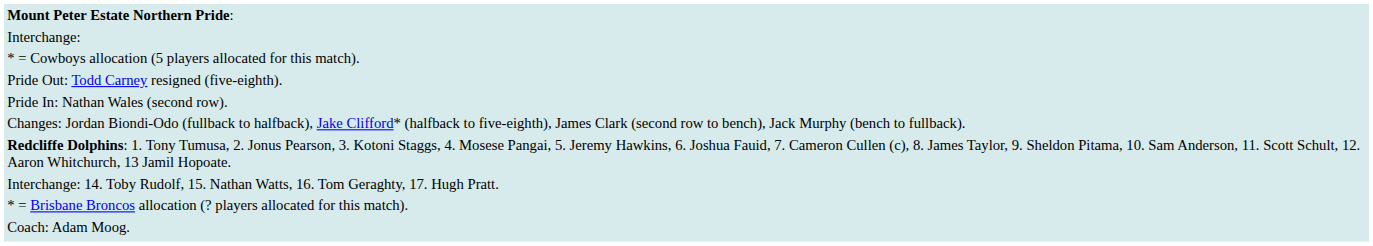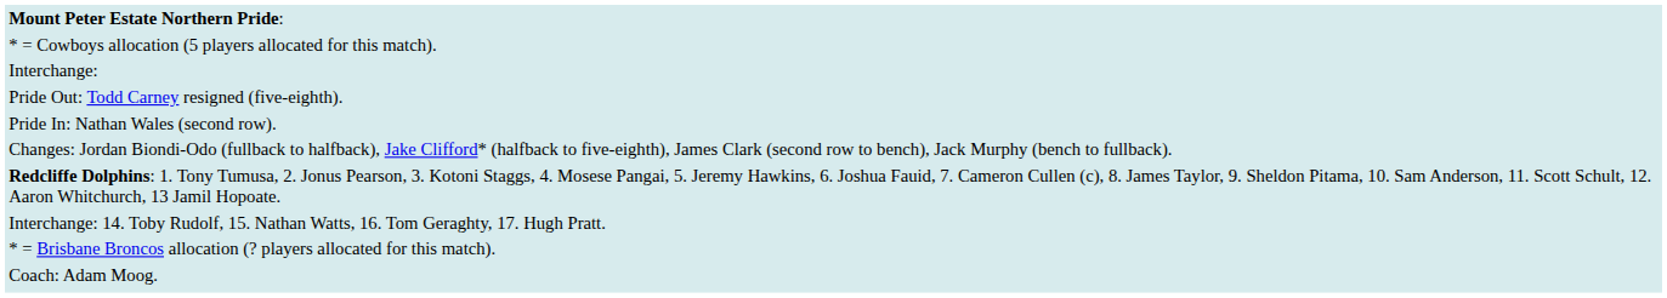 <table style="background:#d7ebed; font-size:85%; width:100%;">
 <tr>
 <td><strong>Mount Peter Estate Northern Pride</strong>:             </td>
 </tr>
 <tr>
-<td>Interchange:    </td>
+<td>* = Cowboys allocation (5 players allocated for this match).</td>
 </tr>
 <tr>
-<td>* = Cowboys allocation (5 players allocated for this match).</td>
+<td>Interchange:    </td>
 </tr>
 <tr>
 <td>Pride Out: <a href='#'>Todd Carney</a> resigned (five-eighth).</td>
 </tr>
 <tr>
 <td>Pride In: Nathan Wales (second row).</td>
 </tr>
 <tr>
 <td>Changes: Jordan Biondi-Odo (fullback to halfback), <a href='#'>Jake Clifford</a>* (halfback to five-eighth), James Clark (second row to bench), Jack Murphy (bench to fullback).</td>
 </tr>
 <tr>
 <td><strong>Redcliffe Dolphins</strong>: 1. Tony Tumusa, 2. Jonus Pearson, 3. Kotoni Staggs, 4. Mosese Pangai, 5. Jeremy Hawkins, 6. Joshua Fauid, 7. Cameron Cullen (c), 8. James Taylor, 9. Sheldon Pitama, 10. Sam Anderson, 11. Scott Schult, 12. Aaron Whitchurch, 13 Jamil Hopoate.</td>
 </tr>
 <tr>
 <td>Interchange: 14. Toby Rudolf, 15. Nathan Watts, 16. Tom Geraghty, 17. Hugh Pratt.</td>
 </tr>
 <tr>
 <td>* = <a href='#'>Brisbane Broncos</a> allocation (? players allocated for this match).</td>
 </tr>
 <tr>
 <td>Coach: Adam Moog.</td>
 </tr>
 <tr>
 </tr>
 </table>
